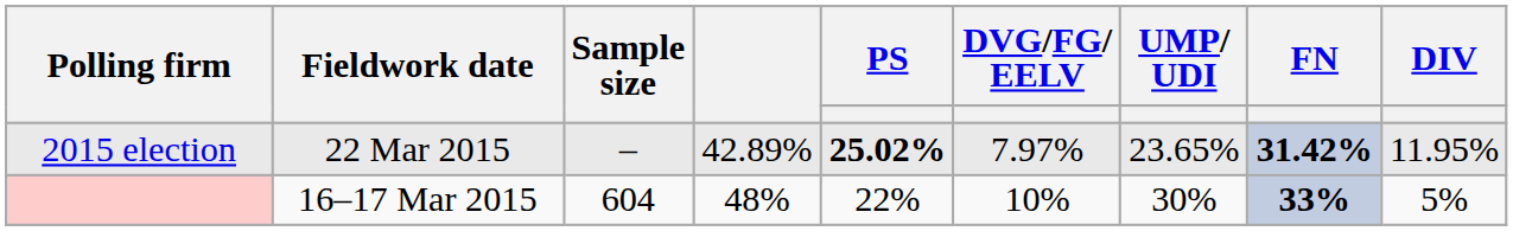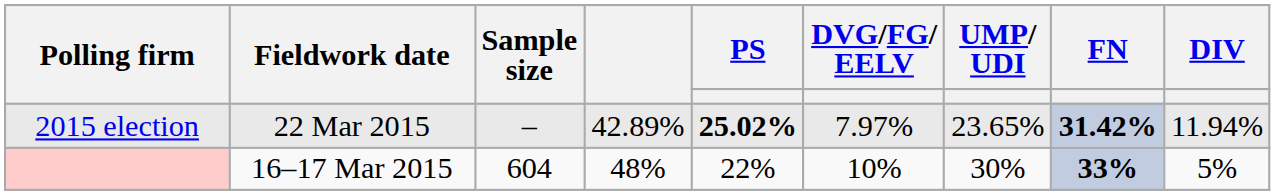 <table class="wikitable sortable" style="text-align:center;font-size:90%;line-height:14px;">
 <tr style="height:40px;">
 <th style="width:100px;" rowspan="2">Polling firm</th>
 <th style="width:110px;" rowspan="2">Fieldwork date</th>
 <th style="width:35px;" rowspan="2">Sample<br>size</th>
 <th style="width:30px;" rowspan="2"></th>
 <th class="unsortable" style="width:40px;"><a href='#'>PS</a></th>
 <th class="unsortable" style="width:40px;"><a href='#'>DVG</a>/<a href='#'>FG</a>/<br><a href='#'>EELV</a></th>
 <th class="unsortable" style="width:40px;"><a href='#'>UMP</a>/<br><a href='#'>UDI</a></th>
 <th class="unsortable" style="width:40px;"><a href='#'>FN</a></th>
 <th class="unsortable" style="width:40px;"><a href='#'>DIV</a></th>
 </tr>
 <tr>
 <th style="background:"></th>
 <th style="background:"></th>
 <th style="background:"></th>
 <th style="background:"></th>
 <th style="background:"></th>
 </tr>
 <tr style="background:#E9E9E9;">
 <td><a href='#'>2015 election</a></td>
 <td data-sort-value="2015-03-22">22 Mar 2015</td>
 <td>–</td>
 <td>42.89%</td>
 <td><strong>25.02%</strong></td>
 <td>7.97%</td>
 <td>23.65%</td>
 <td style="background:#C1CCE1;"><strong>31.42%</strong></td>
-<td>11.95%</td>
+<td>11.94%</td>
 </tr>
 <tr>
 <td style="background:#FFCCCC;"></td>
 <td data-sort-value="2015-03-17">16–17 Mar 2015</td>
 <td>604</td>
 <td>48%</td>
 <td>22%</td>
 <td>10%</td>
 <td>30%</td>
 <td style="background:#C1CCE1;"><strong>33%</strong></td>
 <td>5%</td>
 </tr>
 </table>
